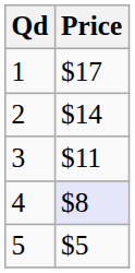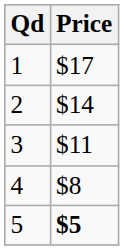 <table class="wikitable">
 <tr>
 <th>Qd</th>
 <th>Price</th>
 </tr>
 <tr>
 <td>1</td>
 <td>$17</td>
 </tr>
 <tr>
 <td>2</td>
 <td>$14</td>
 </tr>
 <tr>
 <td>3</td>
 <td>$11</td>
 </tr>
 <tr>
 <td>4</td>
-<td style="background: lavender;">$8</td>
+<td>$8</td>
 </tr>
 <tr>
 <td>5</td>
-<td>$5</td>
+<td><strong>$5</strong></td>
 </tr>
 </table>
